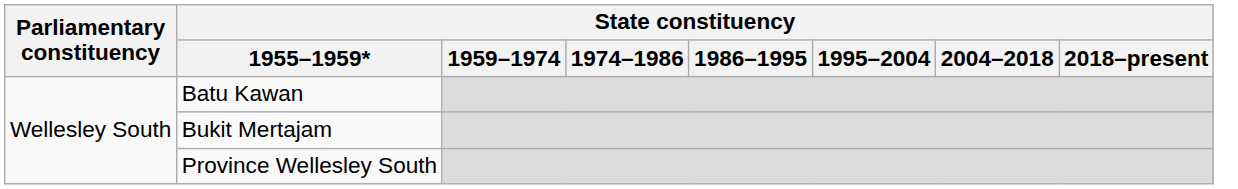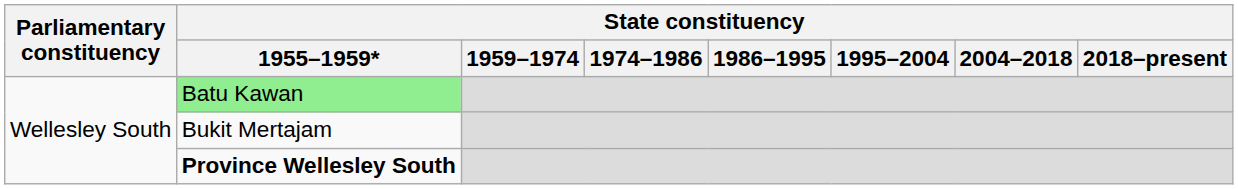 <table class="wikitable">
 <tr>
 <th rowspan="2">Parliamentary<br>constituency</th>
 <th colspan="7">State constituency</th>
 </tr>
 <tr>
 <th>1955–1959*</th>
 <th>1959–1974</th>
 <th>1974–1986</th>
 <th>1986–1995</th>
 <th>1995–2004</th>
 <th>2004–2018</th>
 <th>2018–present</th>
 </tr>
 <tr>
 <td rowspan="3">Wellesley South</td>
-<td>Batu Kawan</td>
+<td style="background: lightgreen;">Batu Kawan</td>
 <td colspan="6" bgcolor="dcdcdc"></td>
 </tr>
 <tr>
 <td>Bukit Mertajam</td>
 <td colspan="6" bgcolor="dcdcdc"></td>
 </tr>
 <tr>
-<td>Province Wellesley South</td>
+<td><strong>Province Wellesley South</strong></td>
 <td colspan="6" bgcolor="dcdcdc"></td>
 </tr>
 </table>
